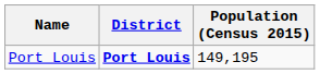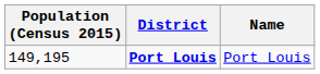 <table class="wikitable defaultleft col3right">
 <tr>
+<th>Population<br>(Census 2015)</th>
+<th><a href='#'>District</a></th>
 <th>Name</th>
-<th><a href='#'>District</a></th>
-<th>Population<br>(Census 2015)</th>
 </tr>
 <tr>
+<td>149,195</td>
+<td><strong><a href='#'>Port Louis</a><br></strong></td>
 <td><a href='#'>Port Louis</a></td>
-<td><strong><a href='#'>Port Louis</a><br></strong></td>
-<td>149,195</td>
 </tr>
 </table>
